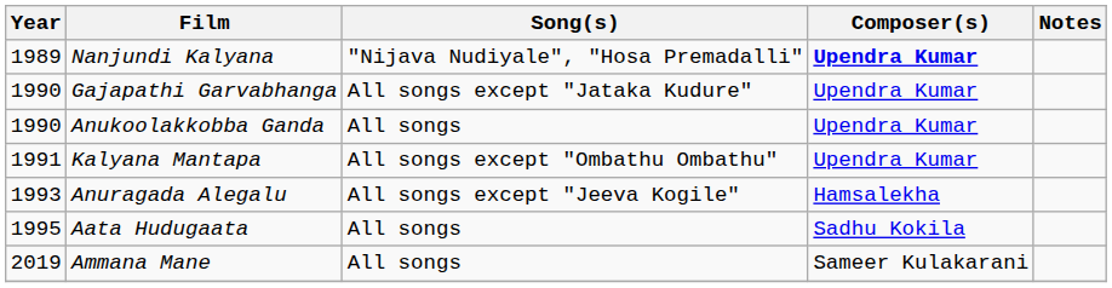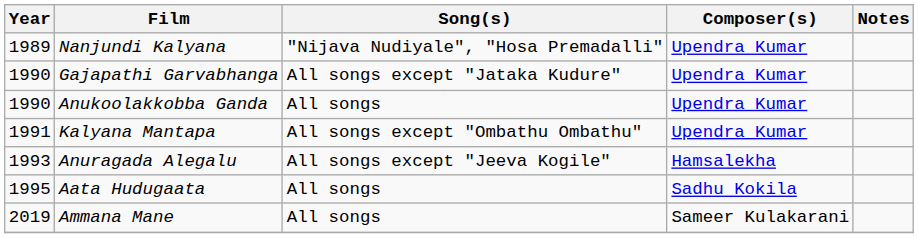 <table class="wikitable sortable plainrowheaders">
 <tr>
 <th scope="col">Year</th>
 <th scope="col">Film</th>
 <th scope="col">Song(s)</th>
 <th scope="col">Composer(s)</th>
 <th scope="col" class="unsortable">Notes</th>
 </tr>
 <tr>
 <td>1989</td>
 <td><em>Nanjundi Kalyana</em></td>
 <td>"Nijava Nudiyale", "Hosa Premadalli"</td>
-<td><strong><a href='#'>Upendra Kumar</a></strong></td>
+<td><a href='#'>Upendra Kumar</a></td>
 <td></td>
 </tr>
 <tr>
 <td>1990</td>
 <td><em>Gajapathi Garvabhanga</em></td>
 <td>All songs except "Jataka Kudure"</td>
 <td><a href='#'>Upendra Kumar</a></td>
 <td></td>
 </tr>
 <tr>
 <td>1990</td>
 <td><em>Anukoolakkobba Ganda</em></td>
 <td>All songs</td>
 <td><a href='#'>Upendra Kumar</a></td>
 <td></td>
 </tr>
 <tr>
 <td>1991</td>
 <td><em>Kalyana Mantapa</em></td>
 <td>All songs except "Ombathu Ombathu"</td>
 <td><a href='#'>Upendra Kumar</a></td>
 <td></td>
 </tr>
 <tr>
 <td>1993</td>
 <td><em>Anuragada Alegalu</em></td>
 <td>All songs except "Jeeva Kogile"</td>
 <td><a href='#'>Hamsalekha</a></td>
 <td></td>
 </tr>
 <tr>
 <td>1995</td>
 <td><em>Aata Hudugaata</em></td>
 <td>All songs</td>
 <td><a href='#'>Sadhu Kokila</a></td>
 <td></td>
 </tr>
 <tr>
 <td>2019</td>
 <td><em>Ammana Mane</em></td>
 <td>All songs</td>
 <td>Sameer Kulakarani</td>
 <td></td>
 </tr>
 <tr>
 </tr>
 </table>
